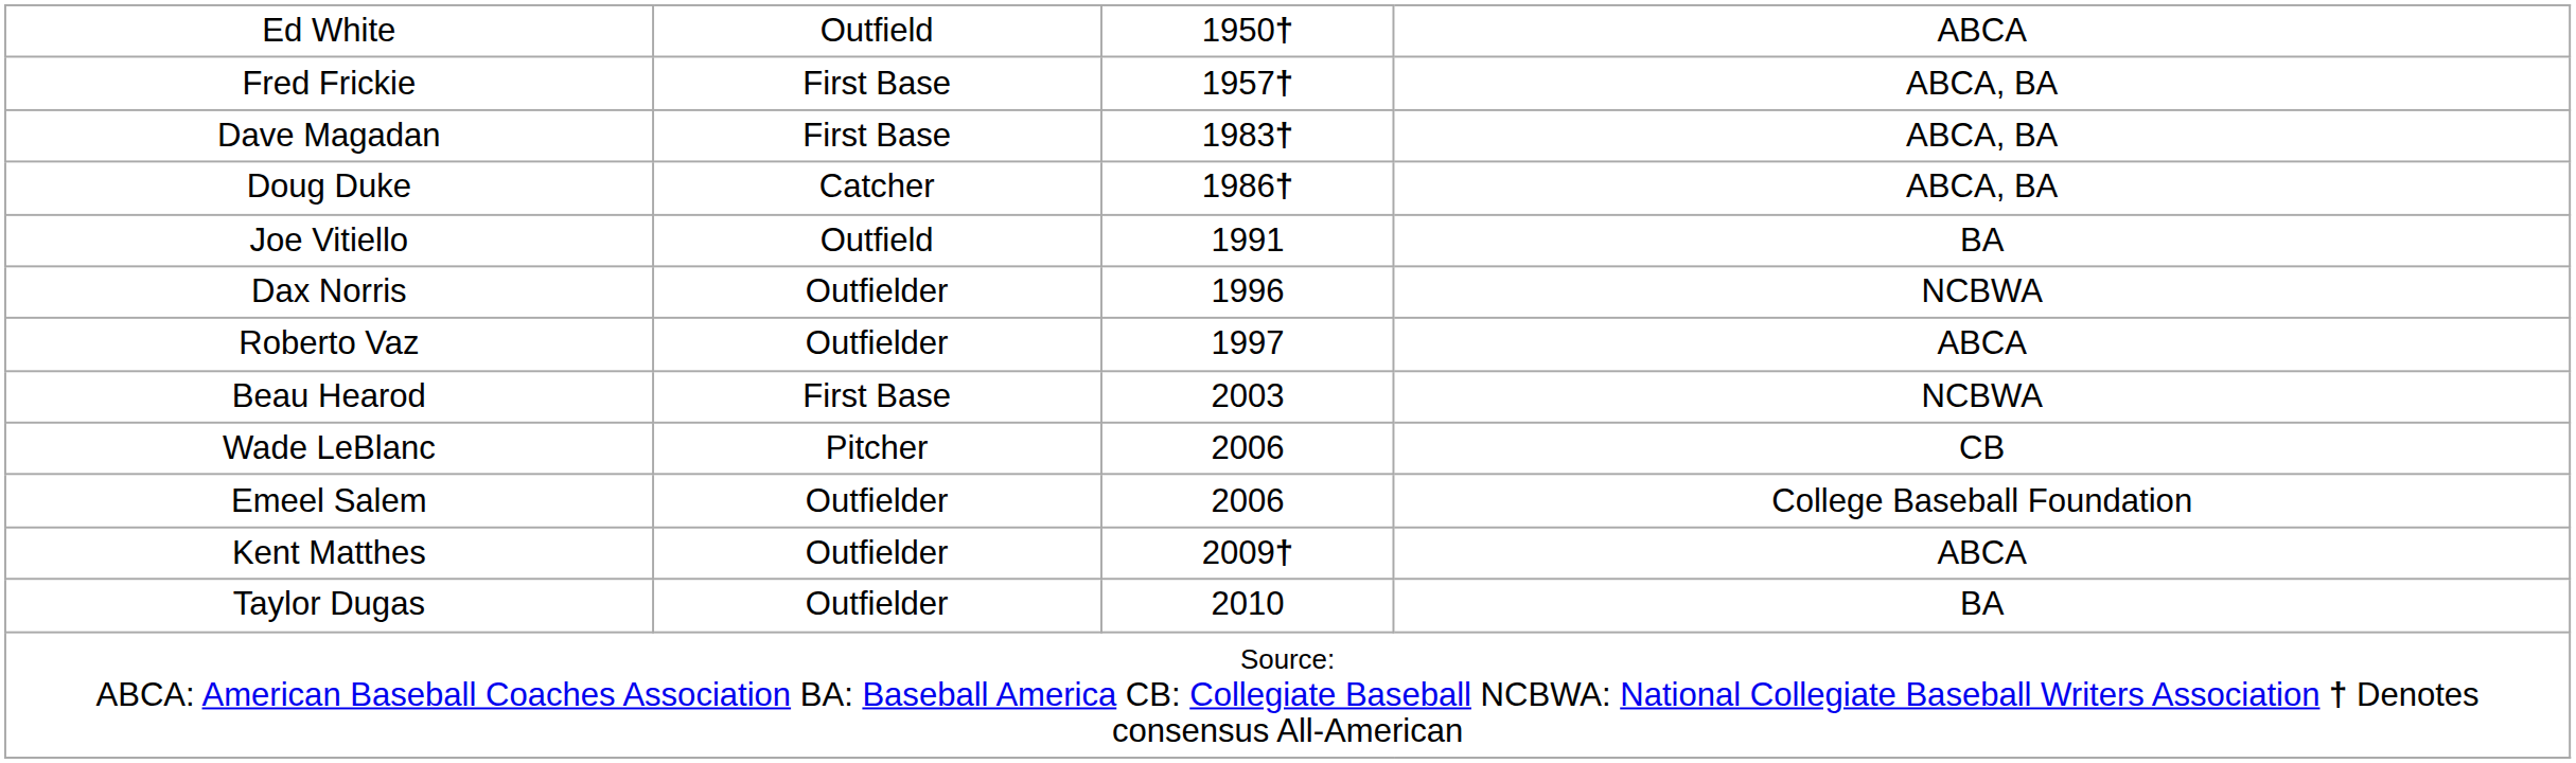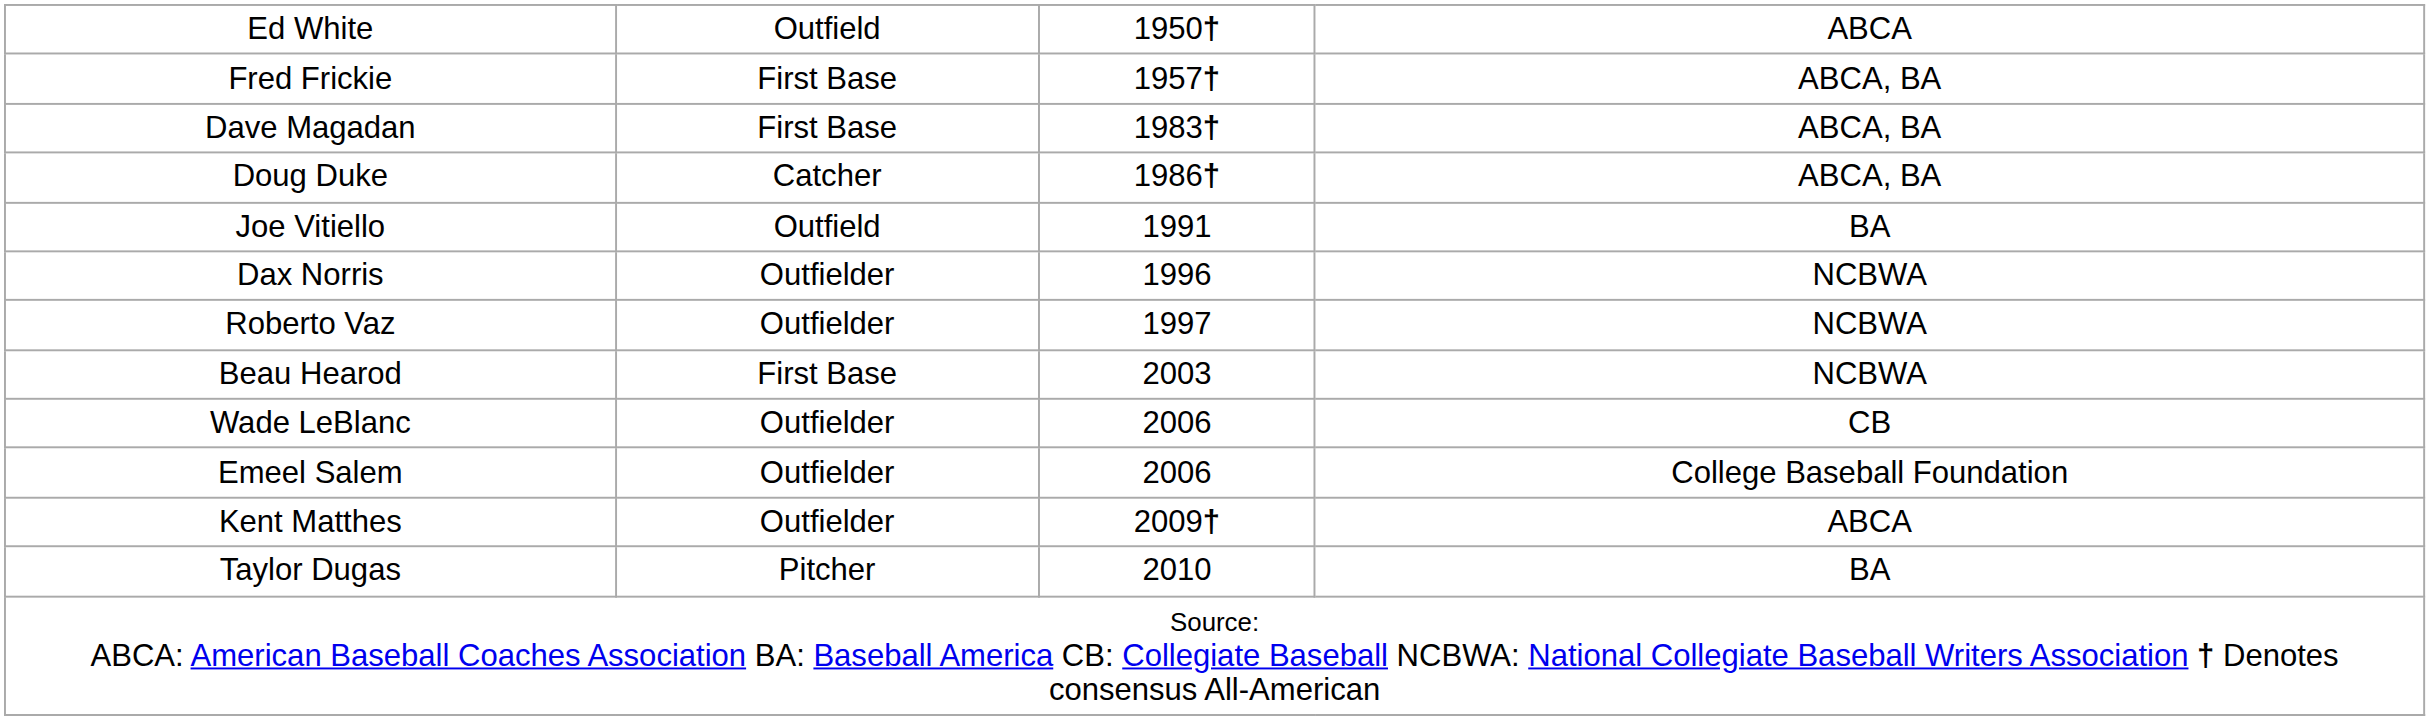 <table class="wikitable" style="background:white; min-width:70%">
 <tr align="center">
 <td>Ed White</td>
 <td>Outfield</td>
 <td>1950<strong>†</strong></td>
 <td>ABCA</td>
 </tr>
 <tr align="center">
 <td>Fred Frickie</td>
 <td>First Base</td>
 <td>1957<strong>†</strong></td>
 <td>ABCA, BA</td>
 </tr>
 <tr align="center">
 <td>Dave Magadan</td>
 <td>First Base</td>
 <td>1983<strong>†</strong></td>
 <td>ABCA, BA</td>
 </tr>
 <tr align="center">
 <td>Doug Duke</td>
 <td>Catcher</td>
 <td>1986<strong>†</strong></td>
 <td>ABCA, BA</td>
 </tr>
 <tr align="center">
 <td>Joe Vitiello</td>
 <td>Outfield</td>
 <td>1991</td>
 <td>BA</td>
 </tr>
 <tr align="center">
 <td>Dax Norris</td>
 <td>Outfielder</td>
 <td>1996</td>
 <td>NCBWA</td>
 </tr>
 <tr align="center">
 <td>Roberto Vaz</td>
 <td>Outfielder</td>
 <td>1997</td>
-<td>ABCA</td>
+<td>NCBWA</td>
 </tr>
 <tr align="center">
 <td>Beau Hearod</td>
 <td>First Base</td>
 <td>2003</td>
 <td>NCBWA</td>
 </tr>
 <tr align="center">
 <td>Wade LeBlanc</td>
-<td>Pitcher</td>
+<td>Outfielder</td>
 <td>2006</td>
 <td>CB</td>
 </tr>
 <tr align="center">
 <td>Emeel Salem</td>
 <td>Outfielder</td>
 <td>2006</td>
 <td>College Baseball Foundation</td>
 </tr>
 <tr align="center">
 <td>Kent Matthes</td>
 <td>Outfielder</td>
 <td>2009<strong>†</strong></td>
 <td>ABCA</td>
 </tr>
 <tr align="center">
 <td>Taylor Dugas</td>
-<td>Outfielder</td>
+<td>Pitcher</td>
 <td>2010</td>
 <td>BA</td>
 </tr>
 <tr align="center">
 <td colspan=4><small>Source:</small><br>ABCA: <a href='#'>American Baseball Coaches Association</a> BA: <a href='#'>Baseball America</a> CB: <a href='#'>Collegiate Baseball</a> NCBWA: <a href='#'>National Collegiate Baseball Writers Association</a> <strong>†</strong> Denotes consensus All-American</td>
 </tr>
 <tr>
 </tr>
 </table>
